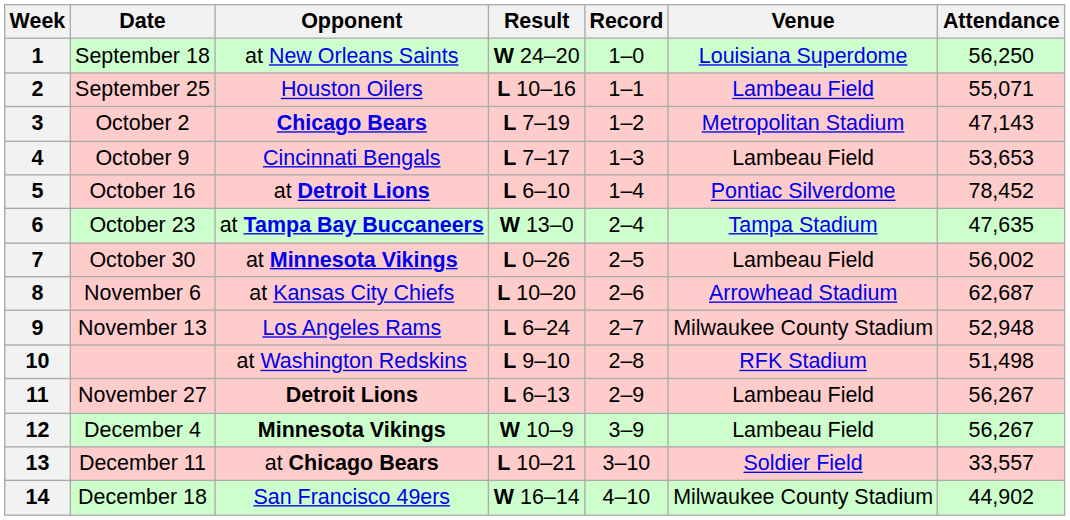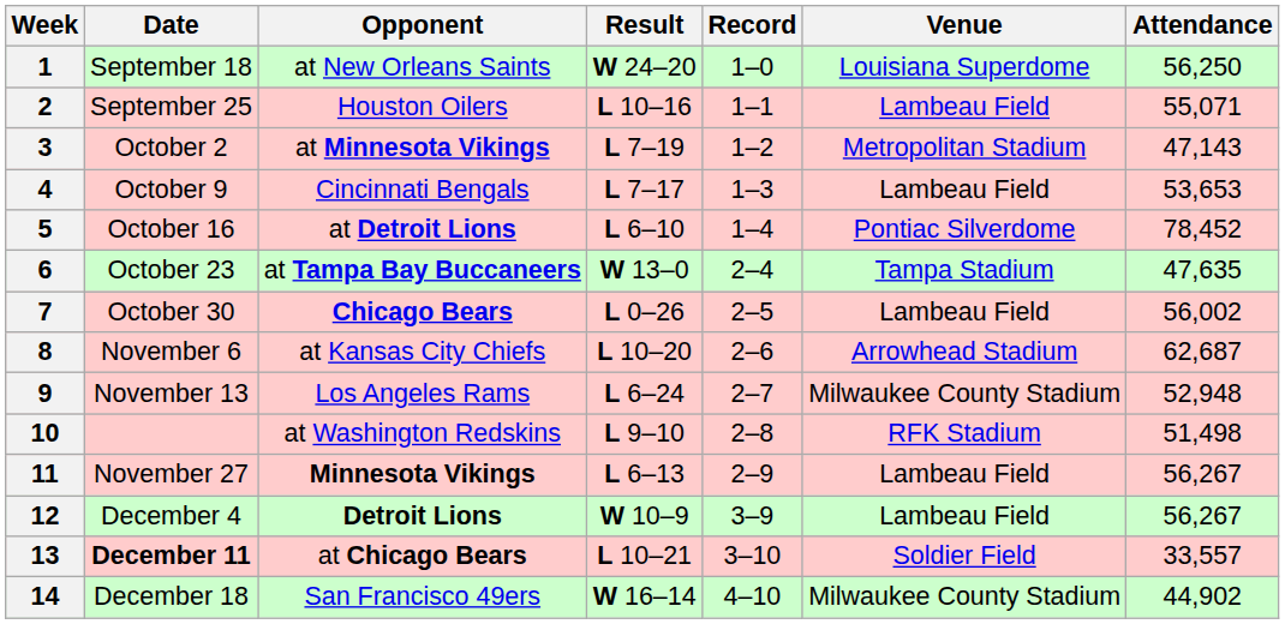 <table class="wikitable" style="text-align:center">
 <tr>
 <th>Week</th>
 <th>Date</th>
 <th>Opponent</th>
 <th>Result</th>
 <th>Record</th>
 <th>Venue</th>
 <th>Attendance</th>
 </tr>
 <tr style="background:#cfc">
 <th>1</th>
 <td>September 18</td>
 <td>at <a href='#'>New Orleans Saints</a></td>
 <td><strong>W</strong> 24–20</td>
 <td>1–0</td>
 <td><a href='#'>Louisiana Superdome</a></td>
 <td>56,250</td>
 </tr>
 <tr style="background:#fcc">
 <th>2</th>
 <td>September 25</td>
 <td><a href='#'>Houston Oilers</a></td>
 <td><strong>L</strong> 10–16</td>
 <td>1–1</td>
 <td><a href='#'>Lambeau Field</a></td>
 <td>55,071</td>
 </tr>
 <tr style="background:#fcc">
 <th>3</th>
 <td>October 2</td>
-<td><strong><a href='#'>Chicago Bears</a></strong></td>
+<td>at <strong><a href='#'>Minnesota Vikings</a></strong></td>
 <td><strong>L</strong> 7–19</td>
 <td>1–2</td>
 <td><a href='#'>Metropolitan Stadium</a></td>
 <td>47,143</td>
 </tr>
 <tr style="background:#fcc">
 <th>4</th>
 <td>October 9</td>
 <td><a href='#'>Cincinnati Bengals</a></td>
 <td><strong>L</strong> 7–17</td>
 <td>1–3</td>
 <td>Lambeau Field</td>
 <td>53,653</td>
 </tr>
 <tr style="background:#fcc">
 <th>5</th>
 <td>October 16</td>
 <td>at <strong><a href='#'>Detroit Lions</a></strong></td>
 <td><strong>L</strong> 6–10</td>
 <td>1–4</td>
 <td><a href='#'>Pontiac Silverdome</a></td>
 <td>78,452</td>
 </tr>
 <tr style="background:#cfc">
 <th>6</th>
 <td>October 23</td>
 <td>at <strong><a href='#'>Tampa Bay Buccaneers</a></strong></td>
 <td><strong>W</strong> 13–0</td>
 <td>2–4</td>
 <td><a href='#'>Tampa Stadium</a></td>
 <td>47,635</td>
 </tr>
 <tr style="background:#fcc">
 <th>7</th>
 <td>October 30</td>
-<td>at <strong><a href='#'>Minnesota Vikings</a></strong></td>
+<td><strong><a href='#'>Chicago Bears</a></strong></td>
 <td><strong>L</strong> 0–26</td>
 <td>2–5</td>
 <td>Lambeau Field</td>
 <td>56,002</td>
 </tr>
 <tr style="background:#fcc">
 <th>8</th>
 <td>November 6</td>
 <td>at <a href='#'>Kansas City Chiefs</a></td>
 <td><strong>L</strong> 10–20</td>
 <td>2–6</td>
 <td><a href='#'>Arrowhead Stadium</a></td>
 <td>62,687</td>
 </tr>
 <tr style="background:#fcc">
 <th>9</th>
 <td>November 13</td>
 <td><a href='#'>Los Angeles Rams</a></td>
 <td><strong>L</strong> 6–24</td>
 <td>2–7</td>
 <td>Milwaukee County Stadium</td>
 <td>52,948</td>
 </tr>
 <tr style="background:#fcc">
 <th>10</th>
 <td></td>
 <td>at <a href='#'>Washington Redskins</a></td>
 <td><strong>L</strong> 9–10</td>
 <td>2–8</td>
 <td><a href='#'>RFK Stadium</a></td>
 <td>51,498</td>
 </tr>
 <tr style="background:#fcc">
 <th>11</th>
 <td>November 27</td>
-<td><strong>Detroit Lions</strong></td>
+<td><strong>Minnesota Vikings</strong></td>
 <td><strong>L</strong> 6–13</td>
 <td>2–9</td>
 <td>Lambeau Field</td>
 <td>56,267</td>
 </tr>
 <tr style="background:#cfc">
 <th>12</th>
 <td>December 4</td>
-<td><strong>Minnesota Vikings</strong></td>
+<td><strong>Detroit Lions</strong></td>
 <td><strong>W</strong> 10–9</td>
 <td>3–9</td>
 <td>Lambeau Field</td>
 <td>56,267</td>
 </tr>
 <tr style="background:#fcc">
 <th>13</th>
-<td>December 11</td>
+<td><strong>December 11</strong></td>
 <td>at <strong>Chicago Bears</strong></td>
 <td><strong>L</strong> 10–21</td>
 <td>3–10</td>
 <td><a href='#'>Soldier Field</a></td>
 <td>33,557</td>
 </tr>
 <tr style="background:#cfc">
 <th>14</th>
 <td>December 18</td>
 <td><a href='#'>San Francisco 49ers</a></td>
 <td><strong>W</strong> 16–14</td>
 <td>4–10</td>
 <td>Milwaukee County Stadium</td>
 <td>44,902</td>
 </tr>
 </table>
